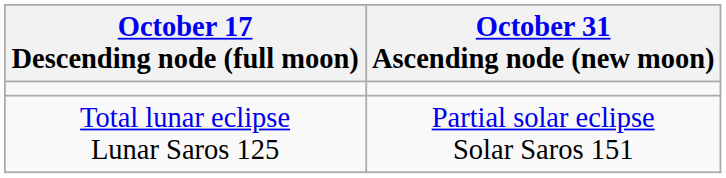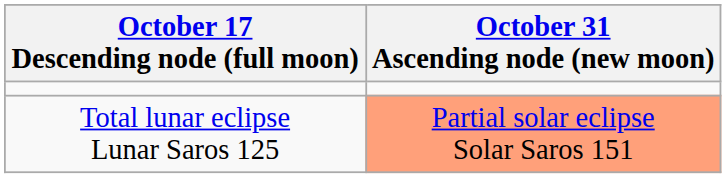 <table class="wikitable">
 <tr>
 <th><a href='#'>October 17</a><br>Descending node (full moon)</th>
 <th><a href='#'>October 31</a><br>Ascending node (new moon)</th>
 </tr>
 <tr>
 <td></td>
 <td></td>
 </tr>
 <tr align=center>
 <td><a href='#'>Total lunar eclipse</a><br>Lunar Saros 125</td>
-<td><a href='#'>Partial solar eclipse</a><br>Solar Saros 151</td>
+<td style="background: lightsalmon;"><a href='#'>Partial solar eclipse</a><br>Solar Saros 151</td>
 </tr>
 </table>
